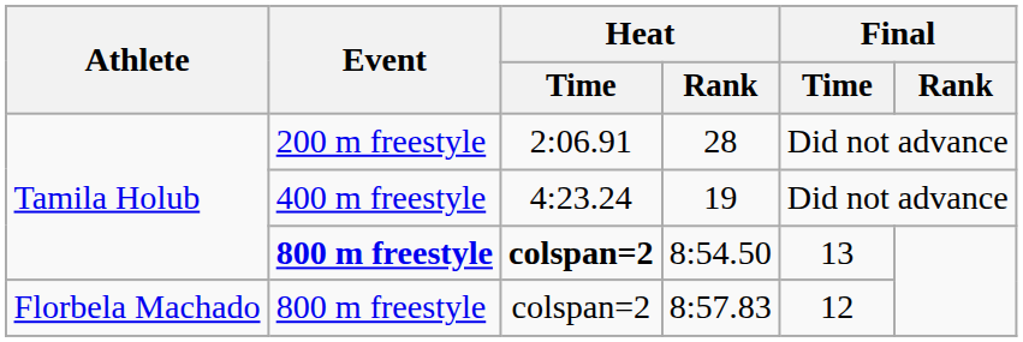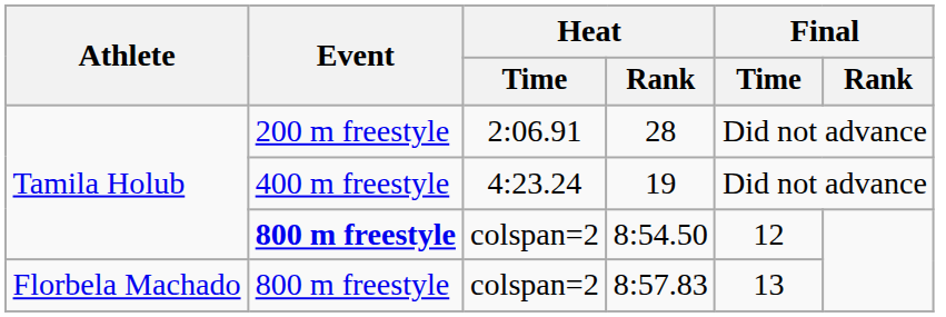 <table class=wikitable style="font-size:90%; text-align:center;">
 <tr>
 <th rowspan=2>Athlete</th>
 <th rowspan=2>Event</th>
 <th colspan=2>Heat</th>
 <th colspan=2>Final</th>
 </tr>
 <tr style="font-size:95%">
 <th>Time</th>
 <th>Rank</th>
 <th>Time</th>
 <th>Rank</th>
 </tr>
 <tr>
 <td align=left rowspan=3><a href='#'>Tamila Holub</a></td>
 <td align=left><a href='#'>200 m freestyle</a></td>
 <td>2:06.91</td>
 <td>28</td>
 <td colspan=2>Did not advance</td>
 </tr>
 <tr>
 <td align=left><a href='#'>400 m freestyle</a></td>
 <td>4:23.24</td>
 <td>19</td>
 <td colspan=2>Did not advance</td>
 </tr>
 <tr>
 <td align=left><strong><a href='#'>800 m freestyle</a></strong></td>
-<td><strong>colspan=2 </strong></td>
+<td>colspan=2 </td>
 <td>8:54.50</td>
-<td>13</td>
+<td>12</td>
 </tr>
 <tr>
 <td align=left><a href='#'>Florbela Machado</a></td>
 <td align=left><a href='#'>800 m freestyle</a></td>
 <td>colspan=2 </td>
 <td>8:57.83</td>
-<td>12</td>
+<td>13</td>
 </tr>
 </table>
